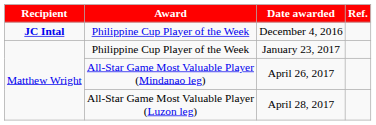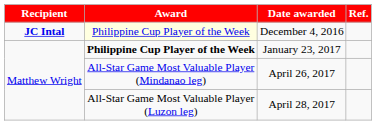 <table class="wikitable sortable sortable" style="text-align: center">
 <tr>
 <th style="background:#FF0000; color:#FFFFFF; ">Recipient</th>
 <th style="background:#FF0000; color:#FFFFFF; ">Award</th>
 <th style="background:#FF0000; color:#FFFFFF; ">Date awarded</th>
 <th style="background:#FF0000; color:#FFFFFF; ">Ref.</th>
 </tr>
 <tr>
 <td><strong><a href='#'>JC Intal</a></strong></td>
-<td><a href='#'>Philippine Cup Player of the Week</a></td>
+<td style="background: lightyellow;"><a href='#'>Philippine Cup Player of the Week</a></td>
 <td>December 4, 2016</td>
 <td></td>
 </tr>
 <tr>
 <td rowspan=3><a href='#'>Matthew Wright</a></td>
-<td>Philippine Cup Player of the Week</td>
+<td><strong>Philippine Cup Player of the Week</strong></td>
 <td>January 23, 2017</td>
 <td align=center></td>
 </tr>
 <tr>
 <td><a href='#'>All-Star Game Most Valuable Player</a><br>(<a href='#'>Mindanao leg</a>)</td>
 <td>April 26, 2017</td>
 <td align=center></td>
 </tr>
 <tr>
 <td>All-Star Game Most Valuable Player<br>(<a href='#'>Luzon leg</a>)</td>
 <td>April 28, 2017</td>
 <td align=center></td>
 </tr>
 </table>
